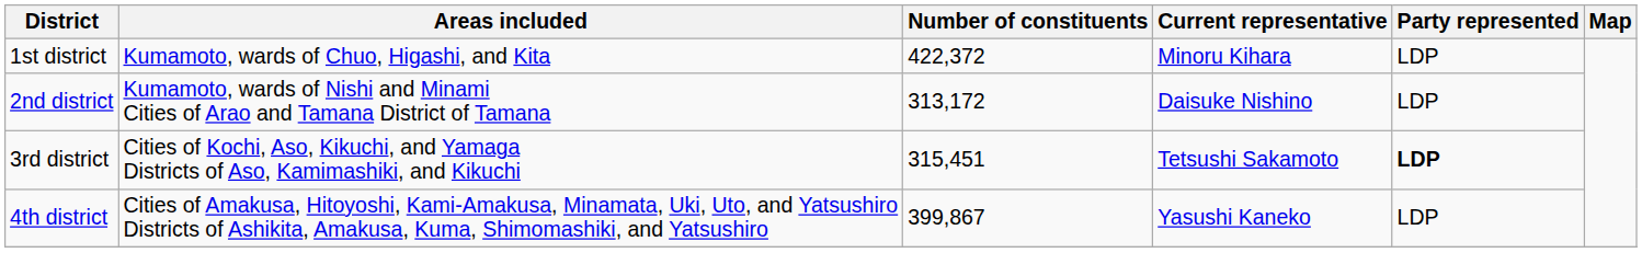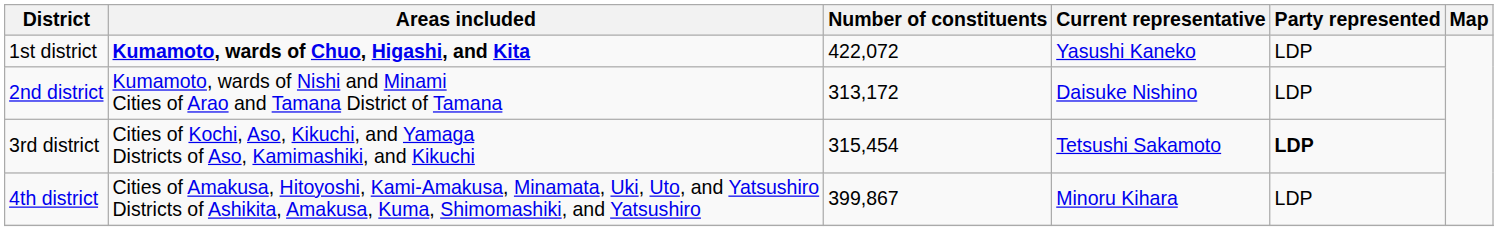 <table class="wikitable">
 <tr>
 <th>District</th>
 <th>Areas included</th>
 <th>Number of constituents</th>
 <th>Current representative</th>
 <th>Party represented</th>
 <th>Map</th>
 </tr>
 <tr>
 <td>1st district</td>
-<td><a href='#'>Kumamoto</a>, wards of <a href='#'>Chuo</a>, <a href='#'>Higashi</a>, and <a href='#'>Kita</a></td>
-<td>422,372</td>
-<td><a href='#'>Minoru Kihara</a></td>
+<td><strong><a href='#'>Kumamoto</a>, wards of <a href='#'>Chuo</a>, <a href='#'>Higashi</a>, and <a href='#'>Kita</a></strong></td>
+<td>422,072</td>
+<td><a href='#'>Yasushi Kaneko</a></td>
 <td>LDP</td>
 <td rowspan="4"></td>
 </tr>
 <tr>
 <td><a href='#'>2nd district</a></td>
 <td><a href='#'>Kumamoto</a>, wards of <a href='#'>Nishi</a> and <a href='#'>Minami</a><br>Cities of <a href='#'>Arao</a> and <a href='#'>Tamana</a> District of <a href='#'>Tamana</a></td>
 <td>313,172</td>
 <td><a href='#'>Daisuke Nishino</a></td>
 <td>LDP</td>
 </tr>
 <tr>
 <td>3rd district</td>
 <td>Cities of <a href='#'>Kochi</a>, <a href='#'>Aso</a>, <a href='#'>Kikuchi</a>, and <a href='#'>Yamaga</a><br>Districts of <a href='#'>Aso</a>, <a href='#'>Kamimashiki</a>, and <a href='#'>Kikuchi</a></td>
-<td>315,451</td>
+<td>315,454</td>
 <td><a href='#'>Tetsushi Sakamoto</a></td>
 <td><strong>LDP</strong></td>
 </tr>
 <tr>
 <td><a href='#'>4th district</a></td>
 <td>Cities of <a href='#'>Amakusa</a>, <a href='#'>Hitoyoshi</a>, <a href='#'>Kami-Amakusa</a>, <a href='#'>Minamata</a>, <a href='#'>Uki</a>, <a href='#'>Uto</a>, and <a href='#'>Yatsushiro</a><br>Districts of <a href='#'>Ashikita</a>, <a href='#'>Amakusa</a>, <a href='#'>Kuma</a>, <a href='#'>Shimomashiki</a>, and <a href='#'>Yatsushiro</a></td>
 <td>399,867</td>
-<td><a href='#'>Yasushi Kaneko</a></td>
+<td><a href='#'>Minoru Kihara</a></td>
 <td>LDP</td>
 </tr>
 <tr>
 </tr>
 </table>
